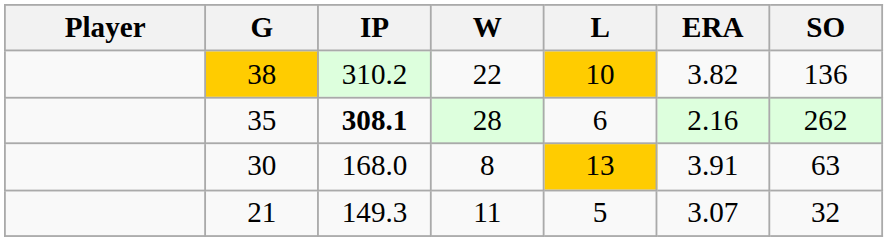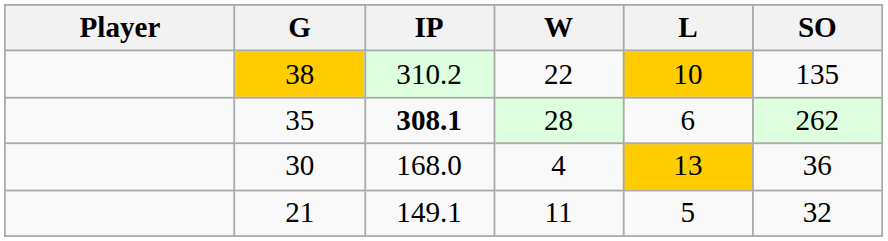 <table class="wikitable sortable">
 <tr>
 <th bgcolor="#DDDDFF" width="16%">Player</th>
 <th bgcolor="#DDDDFF" width="9%">G</th>
 <th bgcolor="#DDDDFF" width="9%">IP</th>
 <th bgcolor="#DDDDFF" width="9%">W</th>
 <th bgcolor="#DDDDFF" width="9%">L</th>
-<th bgcolor="#DDDDFF" width="9%">ERA</th>
 <th bgcolor="#DDDDFF" width="9%">SO</th>
 </tr>
 <tr align="center">
 <td></td>
 <td style="background:#fc0;">38</td>
 <td style="background:#DDFFDD;">310.2</td>
 <td>22</td>
 <td style="background:#fc0;">10</td>
-<td>3.82</td>
-<td>136</td>
+<td>135</td>
 </tr>
 <tr align="center">
 <td></td>
 <td>35</td>
 <td><strong>308.1</strong></td>
 <td style="background:#DDFFDD;">28</td>
 <td>6</td>
-<td style="background:#DDFFDD;">2.16</td>
 <td style="background:#DDFFDD;">262</td>
 </tr>
 <tr align="center">
 <td></td>
 <td>30</td>
 <td>168.0</td>
-<td>8</td>
+<td>4</td>
 <td style="background:#fc0;">13</td>
-<td>3.91</td>
-<td>63</td>
+<td>36</td>
 </tr>
 <tr align="center">
 <td></td>
 <td>21</td>
-<td>149.3</td>
+<td>149.1</td>
 <td>11</td>
 <td>5</td>
-<td>3.07</td>
 <td>32</td>
 </tr>
 </table>
